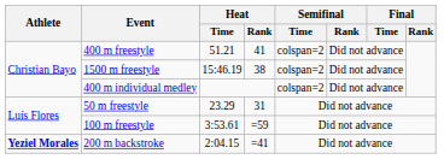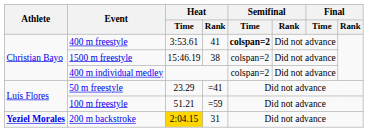 <table class=wikitable style="font-size:90%">
 <tr>
 <th rowspan="2">Athlete</th>
 <th rowspan="2">Event</th>
 <th colspan="2">Heat</th>
 <th colspan="2">Semifinal</th>
 <th colspan="2">Final</th>
 </tr>
 <tr style="font-size:95%">
 <th>Time</th>
 <th>Rank</th>
 <th>Time</th>
 <th>Rank</th>
 <th>Time</th>
 <th>Rank</th>
 </tr>
 <tr align=center>
 <td align=left rowspan=3><a href='#'>Christian Bayo</a></td>
 <td align=left><a href='#'>400 m freestyle</a></td>
-<td>51.21</td>
+<td>3:53.61</td>
 <td>41</td>
-<td>colspan=2 </td>
+<td><strong>colspan=2 </strong></td>
 <td colspan=2>Did not advance</td>
 </tr>
 <tr align=center>
 <td align=left><a href='#'>1500 m freestyle</a></td>
 <td>15:46.19</td>
 <td>38</td>
 <td>colspan=2 </td>
 <td colspan=2>Did not advance</td>
 </tr>
 <tr align=center>
 <td align=left><a href='#'>400 m individual medley</a></td>
 <td colspan=2></td>
 <td>colspan=2 </td>
 <td colspan=2>Did not advance</td>
 </tr>
 <tr align=center>
 <td align=left rowspan=2><a href='#'>Luís Flores</a></td>
 <td align=left><a href='#'>50 m freestyle</a></td>
 <td>23.29</td>
-<td>31</td>
+<td>=41</td>
 <td colspan=4>Did not advance</td>
 </tr>
 <tr align=center>
 <td align=left><a href='#'>100 m freestyle</a></td>
-<td>3:53.61</td>
+<td>51.21</td>
 <td>=59</td>
 <td colspan=4>Did not advance</td>
 </tr>
 <tr align=center>
 <td align=left><strong><a href='#'>Yeziel Morales</a></strong></td>
 <td align=left><a href='#'>200 m backstroke</a></td>
-<td>2:04.15</td>
-<td>=41</td>
+<td style="background: gold;">2:04.15</td>
+<td>31</td>
 <td colspan=4>Did not advance</td>
 </tr>
 </table>
